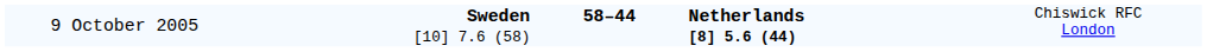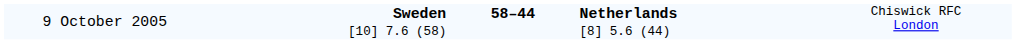 <table style="width: 100%; background:#F5FAFF;" cellspacing="0">
 <tr>
 <td align=center rowspan=3 width=20%>9 October 2005</td>
 </tr>
 <tr>
 <td width=24% align=right><strong>Sweden</strong></td>
 <td align=center width=13%><strong>58–44</strong></td>
 <td width=24%><strong>Netherlands</strong></td>
 <td style=font-size:85% rowspan=3 valign=top align=center>Chiswick RFC<br><a href='#'>London</a></td>
 </tr>
 <tr style=font-size:85%>
 <td align=right>[10] 7.6 (58)</td>
 <td></td>
-<td><strong>[8] 5.6 (44)</strong></td>
+<td>[8] 5.6 (44)</td>
 </tr>
 </table>
